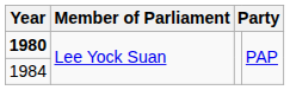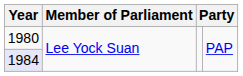 <table class="wikitable">
 <tr>
 <th>Year</th>
 <th>Member of Parliament</th>
 <th colspan="2">Party</th>
 </tr>
 <tr>
-<td><strong>1980</strong></td>
+<td>1980</td>
 <td rowspan="2"><a href='#'>Lee Yock Suan</a></td>
 <td rowspan="2"></td>
 <td rowspan="2"><a href='#'>PAP</a></td>
 </tr>
 <tr>
-<td>1984</td>
+<td style="background: lavender;">1984</td>
 </tr>
 </table>
